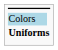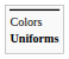 <table class="infobox">
 <tr>
 <th colspan="2" style="background:#000000; color:#FCC200; "><big></big></th>
 </tr>
 <tr>
 <td style="text-align:center;" colspan="2"></td>
 </tr>
 <tr>
-<td style="background: lightblue;">Colors</td>
+<td>Colors</td>
 <td>   </td>
 </tr>
 <tr>
 <th colspan=2>Uniforms</th>
 </tr>
 <tr>
 <td></td>
 <td></td>
 </tr>
 </table>
